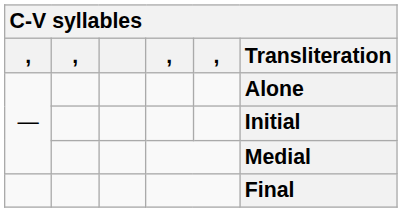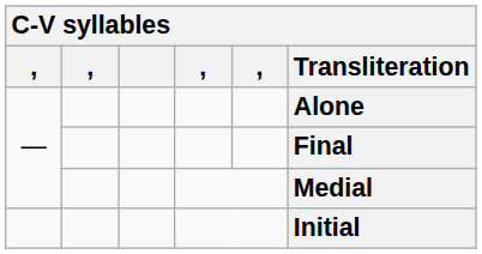 <table class="wikitable" style="text-align: center; display: inline-table;">
 <tr>
 <th colspan="6" style="text-align: left">C-V syllables</th>
 </tr>
 <tr>
 <th style="min-width: 1.75em">, </th>
 <th style="min-width: 1.75em">, </th>
 <th style="min-width: 1.75em"></th>
 <th style="min-width: 1.75em">, </th>
 <th style="min-width: 1.75em">, </th>
 <th style="text-align: left">Transliteration</th>
 </tr>
 <tr>
 <td rowspan="3">—</td>
 <td></td>
 <td></td>
 <td></td>
 <td></td>
 <th style="text-align: left">Alone</th>
 </tr>
 <tr>
 <td></td>
 <td></td>
 <td></td>
 <td></td>
-<th style="text-align: left">Initial</th>
+<th style="text-align: left">Final</th>
 </tr>
 <tr>
 <td></td>
 <td></td>
 <td colspan="2"></td>
 <th style="text-align: left">Medial</th>
 </tr>
 <tr>
 <td> </td>
 <td></td>
 <td></td>
 <td colspan="2"></td>
-<th style="text-align: left">Final</th>
+<th style="text-align: left">Initial</th>
 </tr>
 </table>
